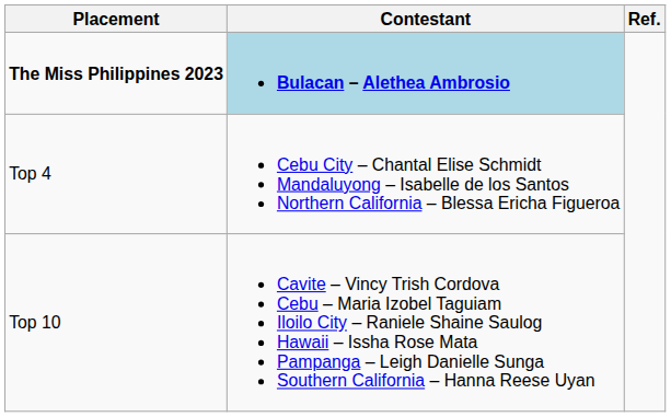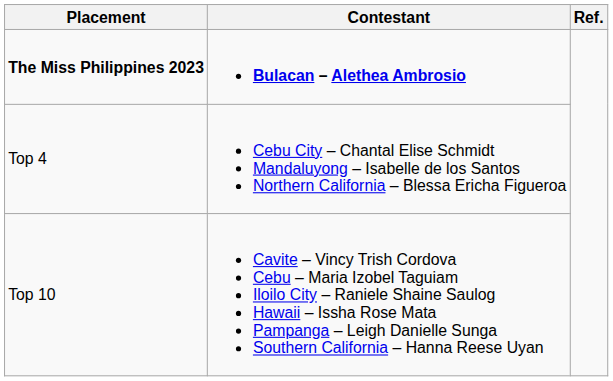 <table class="wikitable" style="font-size: 95%;">
 <tr>
 <th>Placement</th>
 <th>Contestant</th>
 <th>Ref.</th>
 </tr>
 <tr>
 <td><strong>The Miss Philippines 2023</strong></td>
-<td style="background: lightblue;"><br><ul><li><strong><a href='#'>Bulacan</a> – <a href='#'>Alethea Ambrosio</a></strong></li></ul></td>
+<td><br><ul><li><strong><a href='#'>Bulacan</a> – <a href='#'>Alethea Ambrosio</a></strong></li></ul></td>
 <td rowspan="3"></td>
 </tr>
 <tr>
 <td>Top 4</td>
 <td><br><ul><li><a href='#'>Cebu City</a> – Chantal Elise Schmidt</li><li><a href='#'>Mandaluyong</a> – Isabelle de los Santos</li><li><a href='#'>Northern California</a> – Blessa Ericha Figueroa</li></ul></td>
 </tr>
 <tr>
 <td>Top 10</td>
 <td><br><ul><li><a href='#'>Cavite</a> – Vincy Trish Cordova</li><li><a href='#'>Cebu</a> – Maria Izobel Taguiam</li><li><a href='#'>Iloilo City</a> – Raniele Shaine Saulog</li><li><a href='#'>Hawaii</a> – Issha Rose Mata</li><li><a href='#'>Pampanga</a> – Leigh Danielle Sunga</li><li><a href='#'>Southern California</a> – Hanna Reese Uyan</li></ul></td>
 </tr>
 </table>
